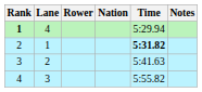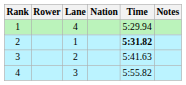 <table class="wikitable sortable" style="text-align:center">
 <tr>
 <th>Rank</th>
+<th>Rower</th>
 <th>Lane</th>
-<th>Rower</th>
 <th>Nation</th>
 <th>Time</th>
 <th>Notes</th>
 </tr>
 <tr bgcolor=bbf3bb>
-<td><strong>1</strong></td>
+<td>1</td>
+<td></td>
 <td>4</td>
-<td></td>
 <td align=left></td>
 <td>5:29.94</td>
 <td></td>
 </tr>
 <tr bgcolor=bbf3ff>
 <td>2</td>
+<td></td>
 <td>1</td>
-<td></td>
 <td align=left></td>
 <td><strong>5:31.82</strong></td>
 <td></td>
 </tr>
 <tr bgcolor=bbf3ff>
 <td>3</td>
+<td></td>
 <td>2</td>
-<td></td>
 <td align=left></td>
 <td>5:41.63</td>
 <td></td>
 </tr>
 <tr bgcolor=bbf3ff>
 <td>4</td>
+<td></td>
 <td>3</td>
-<td></td>
 <td align=left></td>
 <td>5:55.82</td>
 <td></td>
 </tr>
 </table>
